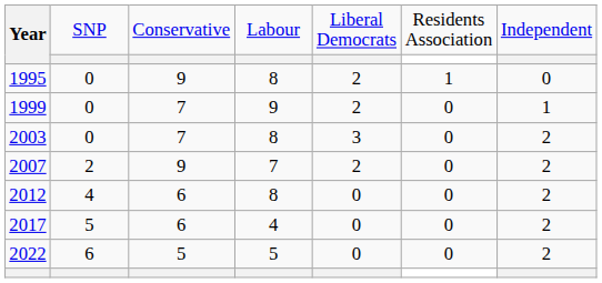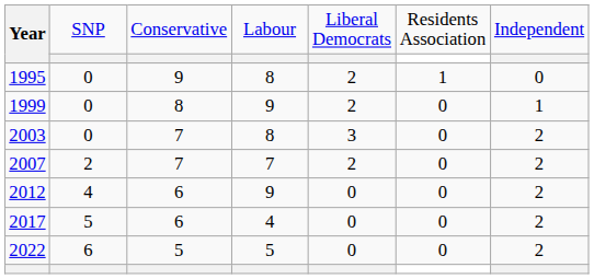 <table class=wikitable style=text-align:center>
 <tr>
 <th rowspan=2>Year</th>
 <td width="60"><a href='#'>SNP</a></td>
 <td width="60"><a href='#'>Conservative</a></td>
 <td width="60"><a href='#'>Labour</a></td>
 <td width="60"><a href='#'>Liberal Democrats</a></td>
 <td width="60">Residents Association</td>
 <td width="60"><a href='#'>Independent</a></td>
 </tr>
 <tr>
 <th style="background-color: "></th>
 <th style="background-color: "></th>
 <th style="background-color: "></th>
 <th style="background-color: "></th>
 <th style="background-color: #FFFFFF; width: 3px;"></th>
 <th style="background-color: "></th>
 </tr>
 <tr>
 <td><a href='#'>1995</a></td>
 <td>0</td>
 <td>9</td>
 <td>8</td>
 <td>2</td>
 <td>1</td>
 <td>0</td>
 </tr>
 <tr>
 <td><a href='#'>1999</a></td>
 <td>0</td>
-<td>7</td>
+<td>8</td>
 <td>9</td>
 <td>2</td>
 <td>0</td>
 <td>1</td>
 </tr>
 <tr>
 <td><a href='#'>2003</a></td>
 <td>0</td>
 <td>7</td>
 <td>8</td>
 <td>3</td>
 <td>0</td>
 <td>2</td>
 </tr>
 <tr>
 <td><a href='#'>2007</a></td>
 <td>2</td>
-<td>9</td>
+<td>7</td>
 <td>7</td>
 <td>2</td>
 <td>0</td>
 <td>2</td>
 </tr>
 <tr>
 <td><a href='#'>2012</a></td>
 <td>4</td>
 <td>6</td>
-<td>8</td>
+<td>9</td>
 <td>0</td>
 <td>0</td>
 <td>2</td>
 </tr>
 <tr>
 <td><a href='#'>2017</a></td>
 <td>5</td>
 <td>6</td>
 <td>4</td>
 <td>0</td>
 <td>0</td>
 <td>2</td>
 </tr>
 <tr>
 <td><a href='#'>2022</a></td>
 <td>6</td>
 <td>5</td>
 <td>5</td>
 <td>0</td>
 <td>0</td>
 <td>2</td>
 </tr>
 <tr>
 <th></th>
 <th style="background-color: "></th>
 <th style="background-color: "></th>
 <th style="background-color: "></th>
 <th style="background-color: "></th>
 <th style="background-color: #FFFFFF; width: 3px;"></th>
 <th style="background-color: "></th>
 </tr>
 </table>
